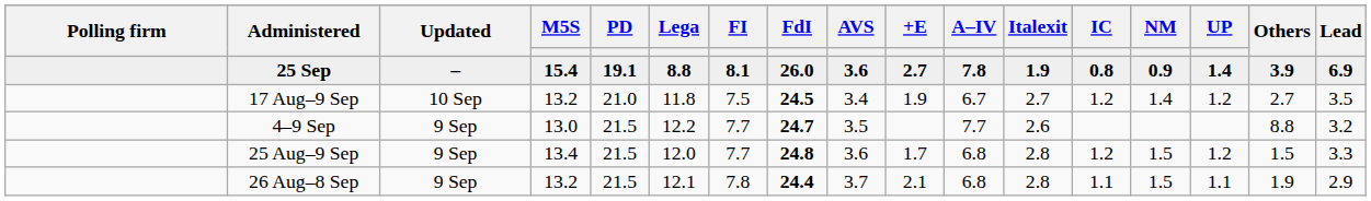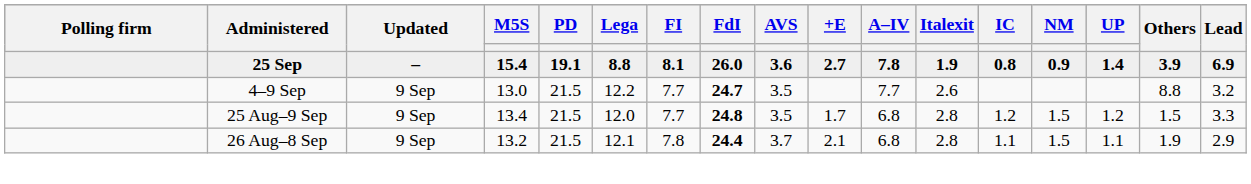 <table class="wikitable mw-collapsible" style="text-align:center;font-size:85%;line-height:13px">
 <tr style="height:30px; background-color:#8B8B8B">
 <th rowspan="2" style="width:150px;">Polling firm</th>
 <th rowspan="2" style="width:100px;">Administered</th>
 <th rowspan="2" style="width:100px;">Updated</th>
 <th style="width:35px;"><a href='#'>M5S</a></th>
 <th style="width:35px;"><a href='#'>PD</a></th>
 <th style="width:35px;"><a href='#'>Lega</a></th>
 <th style="width:35px;"><a href='#'>FI</a></th>
 <th style="width:35px;"><a href='#'>FdI</a></th>
 <th style="width:35px;"><a href='#'>AVS</a></th>
 <th style="width:35px;"><a href='#'>+E</a></th>
 <th style="width:35px;"><a href='#'>A–IV</a></th>
 <th style="width:35px;"><a href='#'>Italexit</a></th>
 <th style="width:35px;"><a href='#'>IC</a></th>
 <th style="width:35px;"><a href='#'>NM</a></th>
 <th style="width:35px;"><a href='#'>UP</a></th>
 <th rowspan="2" style="width:35px;">Others</th>
 <th rowspan="2" style="width:25px;">Lead</th>
 </tr>
 <tr>
 <th style="background:"></th>
 <th style="background:"></th>
 <th style="background:"></th>
 <th style="background:"></th>
 <th style="background:"></th>
 <th style="background:"></th>
 <th style="background:"></th>
 <th style="background:"></th>
 <th style="background:"></th>
 <th style="background:"></th>
 <th style="background:"></th>
 <th style="background:"></th>
 </tr>
 <tr style="background:#EFEFEF; font-weight:bold;">
 <td></td>
 <td>25 Sep</td>
 <td>–</td>
 <td>15.4</td>
 <td>19.1</td>
 <td>8.8</td>
 <td>8.1</td>
 <td><strong>26.0</strong></td>
 <td>3.6</td>
 <td>2.7</td>
 <td>7.8</td>
 <td>1.9</td>
 <td>0.8</td>
 <td>0.9</td>
 <td>1.4</td>
 <td>3.9</td>
 <td style="background:">6.9</td>
 </tr>
 <tr>
 <td></td>
-<td>17 Aug–9 Sep</td>
-<td>10 Sep</td>
-<td>13.2</td>
-<td>21.0</td>
-<td>11.8</td>
-<td>7.5</td>
-<td><strong>24.5</strong></td>
-<td>3.4</td>
-<td>1.9</td>
-<td>6.7</td>
-<td>2.7</td>
-<td>1.2</td>
-<td>1.4</td>
-<td>1.2</td>
-<td>2.7</td>
-<td style="background:">3.5</td>
-</tr>
-<tr>
-<td></td>
 <td>4–9 Sep</td>
 <td>9 Sep</td>
 <td>13.0</td>
 <td>21.5</td>
 <td>12.2</td>
 <td>7.7</td>
 <td><strong>24.7</strong></td>
 <td>3.5</td>
 <td></td>
 <td>7.7</td>
 <td>2.6</td>
 <td></td>
 <td></td>
 <td></td>
 <td>8.8</td>
 <td style="background:">3.2</td>
 </tr>
 <tr>
 <td></td>
 <td>25 Aug–9 Sep</td>
 <td>9 Sep</td>
 <td>13.4</td>
 <td>21.5</td>
 <td>12.0</td>
 <td>7.7</td>
 <td><strong>24.8</strong></td>
-<td>3.6</td>
+<td>3.5</td>
 <td>1.7</td>
 <td>6.8</td>
 <td>2.8</td>
 <td>1.2</td>
 <td>1.5</td>
 <td>1.2</td>
 <td>1.5</td>
 <td style="background:">3.3</td>
 </tr>
 <tr>
 <td></td>
 <td>26 Aug–8 Sep</td>
 <td>9 Sep</td>
 <td>13.2</td>
 <td>21.5</td>
 <td>12.1</td>
 <td>7.8</td>
 <td><strong>24.4</strong></td>
 <td>3.7</td>
 <td>2.1</td>
 <td>6.8</td>
 <td>2.8</td>
 <td>1.1</td>
 <td>1.5</td>
 <td>1.1</td>
 <td>1.9</td>
 <td style="background:">2.9</td>
 </tr>
 </table>
